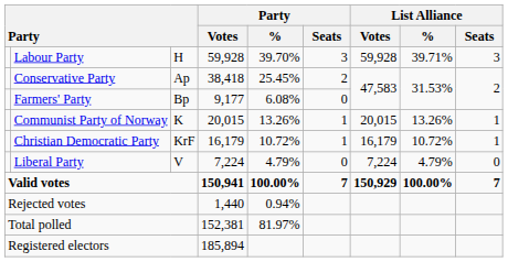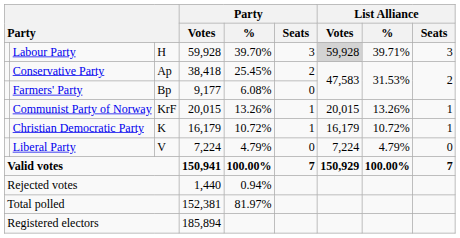 <table class="wikitable" border="1" style="text-align:right;">
 <tr>
 <th style="text-align:left;" valign=bottom rowspan=2 colspan=3>Party</th>
 <th colspan=3>Party</th>
 <th colspan=3>List Alliance</th>
 </tr>
 <tr>
 <th align=center valign=bottom width="50">Votes</th>
 <th align=center valign=bottom width="50">%</th>
 <th align=center valign=bottom width="50">Seats</th>
 <th align=center valign=bottom width="50">Votes</th>
 <th align=center valign=bottom width="50">%</th>
 <th align=center valign=bottom width="50">Seats</th>
 </tr>
 <tr>
 <td style="color:inherit;background:"></td>
 <td align=left><a href='#'>Labour Party</a></td>
 <td align=left>H</td>
 <td>59,928</td>
 <td>39.70%</td>
 <td>3</td>
-<td>59,928</td>
+<td style="background: lightgrey;">59,928</td>
 <td>39.71%</td>
 <td>3</td>
 </tr>
 <tr>
 <td style="color:inherit;background:"></td>
 <td align=left><a href='#'>Conservative Party</a></td>
 <td align=left>Ap</td>
 <td>38,418</td>
 <td>25.45%</td>
 <td>2</td>
 <td rowspan=2>47,583</td>
 <td rowspan=2>31.53%</td>
 <td rowspan=2>2</td>
 </tr>
 <tr>
 <td style="color:inherit;background:"></td>
 <td align=left><a href='#'>Farmers' Party</a></td>
 <td align=left>Bp</td>
 <td>9,177</td>
 <td>6.08%</td>
 <td>0</td>
 </tr>
 <tr>
 <td style="color:inherit;background:"></td>
 <td align=left><a href='#'>Communist Party of Norway</a></td>
-<td align=left>K</td>
+<td align=left>KrF</td>
 <td>20,015</td>
 <td>13.26%</td>
 <td>1</td>
 <td>20,015</td>
 <td>13.26%</td>
 <td>1</td>
 </tr>
 <tr>
 <td style="color:inherit;background:"></td>
 <td align=left><a href='#'>Christian Democratic Party</a></td>
-<td align=left>KrF</td>
+<td align=left>K</td>
 <td>16,179</td>
 <td>10.72%</td>
 <td>1</td>
 <td>16,179</td>
 <td>10.72%</td>
 <td>1</td>
 </tr>
 <tr>
 <td style="color:inherit;background:"></td>
 <td align=left><a href='#'>Liberal Party</a></td>
 <td align=left>V</td>
 <td>7,224</td>
 <td>4.79%</td>
 <td>0</td>
 <td>7,224</td>
 <td>4.79%</td>
 <td>0</td>
 </tr>
 <tr style="font-weight:bold">
 <td align=left colspan=3>Valid votes</td>
 <td>150,941</td>
 <td>100.00%</td>
 <td>7</td>
 <td>150,929</td>
 <td>100.00%</td>
 <td>7</td>
 </tr>
 <tr>
 <td align=left colspan=3>Rejected votes</td>
 <td>1,440</td>
 <td>0.94%</td>
 <td></td>
 <td></td>
 <td></td>
 <td></td>
 </tr>
 <tr>
 <td align=left colspan=3>Total polled</td>
 <td>152,381</td>
 <td>81.97%</td>
 <td></td>
 <td></td>
 <td></td>
 <td></td>
 </tr>
 <tr>
 <td align=left colspan=3>Registered electors</td>
 <td>185,894</td>
 <td></td>
 <td></td>
 <td></td>
 <td></td>
 <td></td>
 </tr>
 </table>
